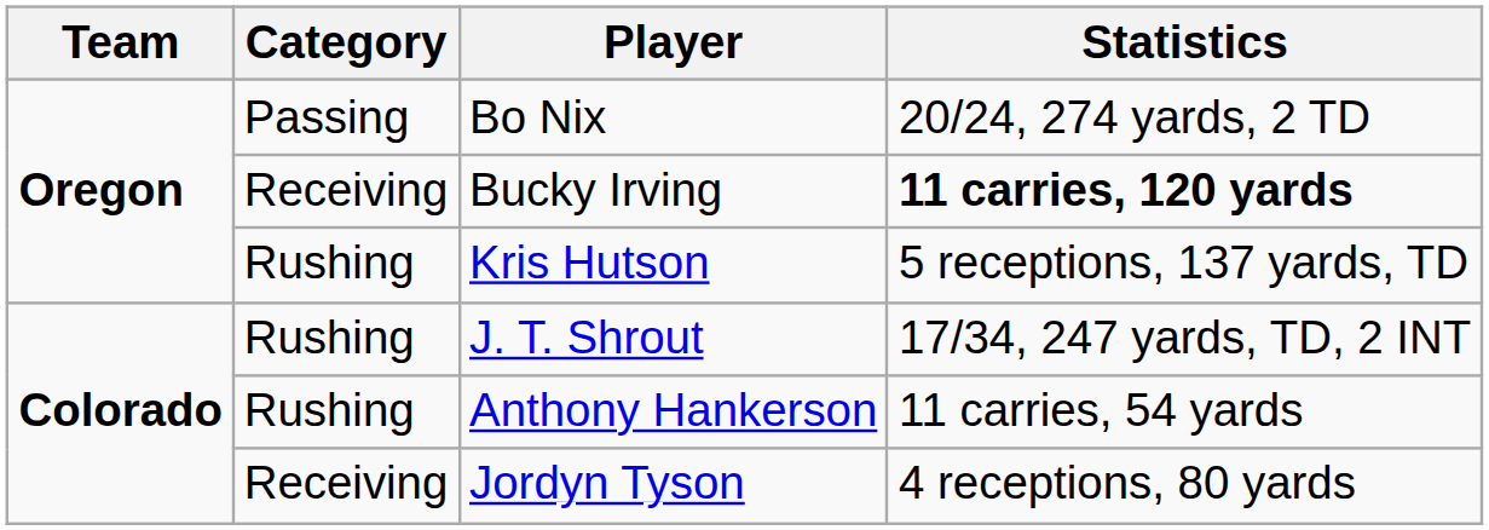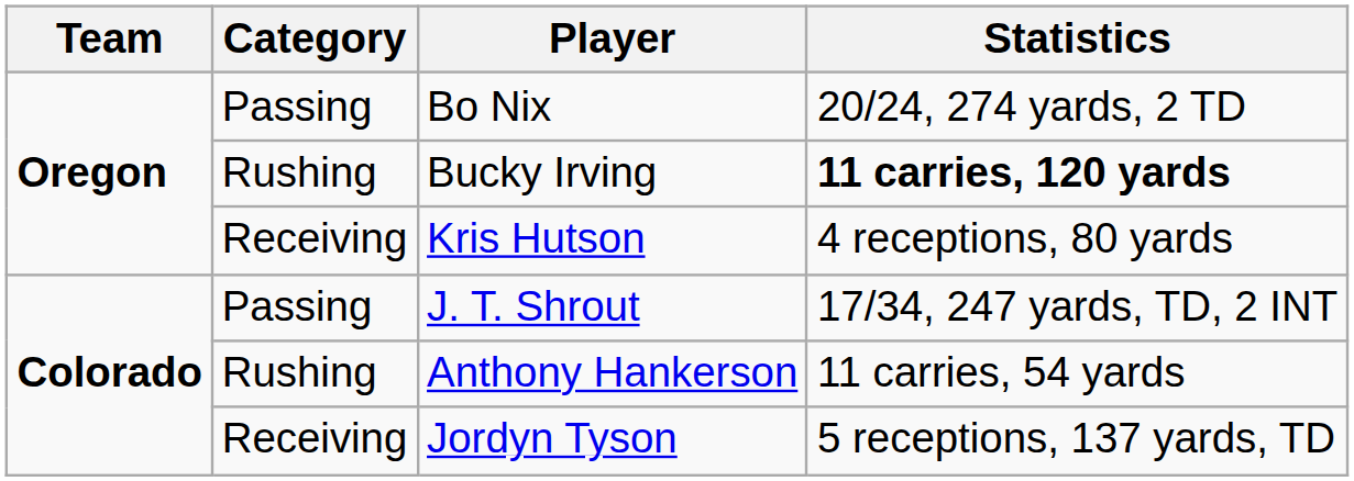 <table class="wikitable" style="float: right;">
 <tr>
 <th>Team</th>
 <th>Category</th>
 <th>Player</th>
 <th>Statistics</th>
 </tr>
 <tr>
 <td rowspan=3><strong>Oregon</strong></td>
 <td>Passing</td>
 <td>Bo Nix</td>
 <td>20/24, 274 yards, 2 TD</td>
 </tr>
 <tr>
-<td>Receiving</td>
+<td>Rushing</td>
 <td>Bucky Irving</td>
 <td><strong>11 carries, 120 yards</strong></td>
 </tr>
 <tr>
-<td>Rushing</td>
+<td>Receiving</td>
 <td><a href='#'>Kris Hutson</a></td>
-<td>5 receptions, 137 yards, TD</td>
+<td>4 receptions, 80 yards</td>
 </tr>
 <tr>
 <td rowspan=3><strong>Colorado</strong></td>
-<td>Rushing</td>
+<td>Passing</td>
 <td><a href='#'>J. T. Shrout</a></td>
 <td>17/34, 247 yards, TD, 2 INT</td>
 </tr>
 <tr>
 <td>Rushing</td>
 <td><a href='#'>Anthony Hankerson</a></td>
 <td>11 carries, 54 yards</td>
 </tr>
 <tr>
 <td>Receiving</td>
 <td><a href='#'>Jordyn Tyson</a></td>
-<td>4 receptions, 80 yards</td>
+<td>5 receptions, 137 yards, TD</td>
 </tr>
 </table>
